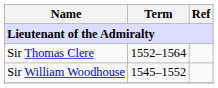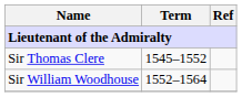 <table class="wikitable">
 <tr>
 <th>Name</th>
 <th>Term</th>
 <th>Ref</th>
 </tr>
 <tr>
 <td colspan="6" align="left" style="background:#dcdcfe;"><strong>Lieutenant of the Admiralty</strong></td>
 </tr>
 <tr>
 <td>Sir <a href='#'>Thomas Clere</a></td>
-<td>1552–1564</td>
+<td>1545–1552</td>
 <td></td>
 </tr>
 <tr>
 <td>Sir <a href='#'>William Woodhouse</a></td>
-<td>1545–1552</td>
+<td>1552–1564</td>
 <td></td>
 </tr>
 <tr>
 </tr>
 </table>
